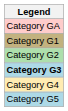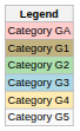 <table class="wikitable" style="font-size:85%;">
 <tr>
 <th>Legend</th>
 </tr>
 <tr bgcolor=#FFCCCC>
 <td>Category GA</td>
 </tr>
 <tr bgcolor=#C2B280>
 <td>Category G1</td>
 </tr>
 <tr bgcolor="#ADDFAD">
 <td>Category G2</td>
 </tr>
 <tr bgcolor="lightblue">
-<td><strong>Category G3</strong></td>
+<td>Category G3</td>
 </tr>
 <tr bgcolor=#ffecb2>
 <td>Category G4</td>
 </tr>
 <tr>
-<td style="background: lightblue;">Category G5</td>
+<td>Category G5</td>
 </tr>
 </table>
